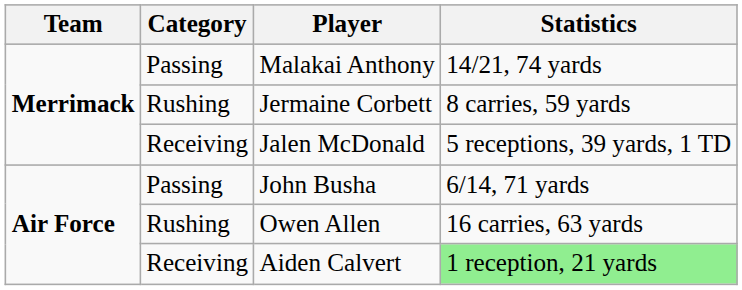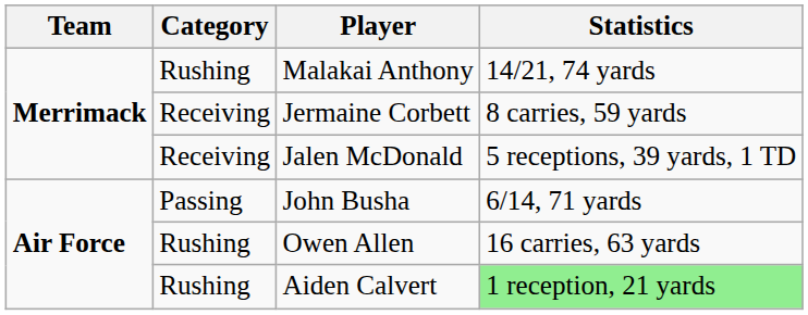 <table class="wikitable" style="float: right;">
 <tr>
 <th>Team</th>
 <th>Category</th>
 <th>Player</th>
 <th>Statistics</th>
 </tr>
 <tr>
 <td rowspan=3><strong>Merrimack</strong></td>
-<td>Passing</td>
+<td>Rushing</td>
 <td>Malakai Anthony</td>
 <td>14/21, 74 yards</td>
 </tr>
 <tr>
-<td>Rushing</td>
+<td>Receiving</td>
 <td>Jermaine Corbett</td>
 <td>8 carries, 59 yards</td>
 </tr>
 <tr>
 <td>Receiving</td>
 <td>Jalen McDonald</td>
 <td>5 receptions, 39 yards, 1 TD</td>
 </tr>
 <tr>
 <td rowspan=3><strong>Air Force</strong></td>
 <td>Passing</td>
 <td>John Busha</td>
 <td>6/14, 71 yards</td>
 </tr>
 <tr>
 <td>Rushing</td>
 <td>Owen Allen</td>
 <td>16 carries, 63 yards</td>
 </tr>
 <tr>
-<td>Receiving</td>
+<td>Rushing</td>
 <td>Aiden Calvert</td>
 <td style="background: lightgreen;">1 reception, 21 yards</td>
 </tr>
 </table>
